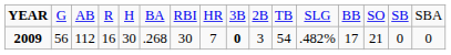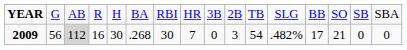 <table class="sortable wikitable">
 <tr align=center>
 <td><strong>YEAR</strong></td>
 <td><a href='#'>G</a></td>
 <td><a href='#'>AB</a></td>
 <td><a href='#'>R</a></td>
 <td><a href='#'>H</a></td>
 <td><a href='#'>BA</a></td>
 <td><a href='#'>RBI</a></td>
 <td><a href='#'>HR</a></td>
 <td><a href='#'>3B</a></td>
 <td><a href='#'>2B</a></td>
 <td><a href='#'>TB</a></td>
 <td><a href='#'>SLG</a></td>
 <td><a href='#'>BB</a></td>
 <td><a href='#'>SO</a></td>
 <td><a href='#'>SB</a></td>
 <td>SBA</td>
 </tr>
 <tr align=center>
 <td><strong>2009</strong></td>
 <td>56</td>
-<td>112</td>
+<td style="background: lightgrey;">112</td>
 <td>16</td>
 <td>30</td>
 <td>.268</td>
 <td>30</td>
 <td>7</td>
-<td><strong>0</strong></td>
+<td>0</td>
 <td>3</td>
 <td>54</td>
 <td>.482%</td>
 <td>17</td>
 <td>21</td>
 <td>0</td>
 <td>0</td>
 </tr>
 </table>
